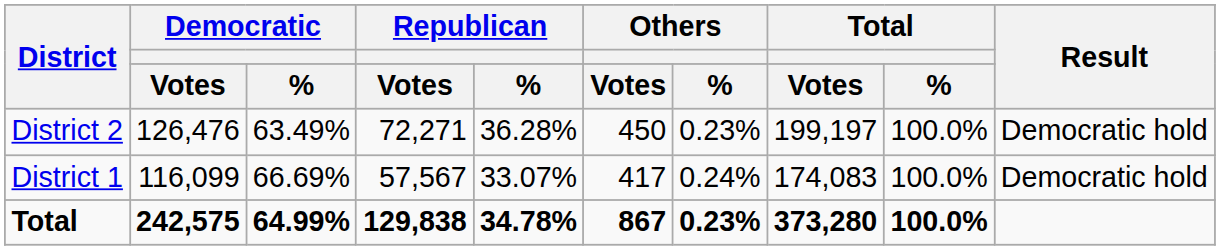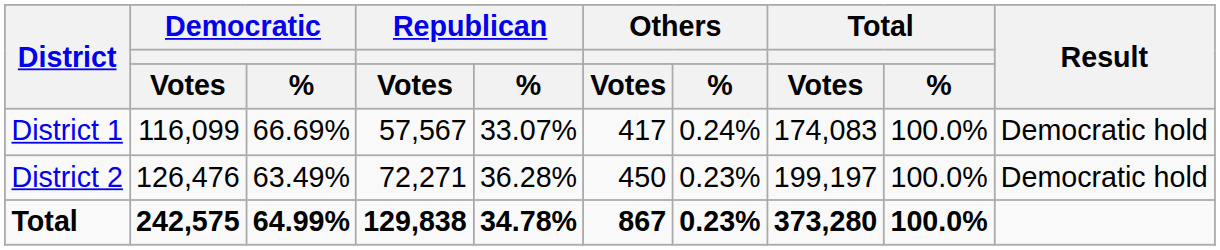 <table class="wikitable plainrowheaders sortable" style="font-size:100%; text-align:right;">
 <tr>
 <th scope=col rowspan=3><a href='#'>District</a></th>
 <th scope=col colspan=2><a href='#'>Democratic</a></th>
 <th scope=col colspan=2><a href='#'>Republican</a></th>
 <th scope=col colspan=2>Others</th>
 <th scope=col colspan=2>Total</th>
 <th scope=col rowspan=3>Result</th>
 </tr>
 <tr>
 <th scope=col colspan=2 style="background:"></th>
 <th scope=col colspan=2 style="background:"></th>
 <th scope=col colspan=2></th>
 <th scope=col colspan=2></th>
 </tr>
 <tr>
 <th scope=col data-sort-type="number">Votes</th>
 <th scope=col data-sort-type="number">%</th>
 <th scope=col data-sort-type="number">Votes</th>
 <th scope=col data-sort-type="number">%</th>
 <th scope=col data-sort-type="number">Votes</th>
 <th scope=col data-sort-type="number">%</th>
 <th scope=col data-sort-type="number">Votes</th>
 <th scope=col data-sort-type="number">%</th>
 </tr>
 <tr>
+<td align=left><a href='#'>District 1</a></td>
+<td>116,099</td>
+<td>66.69%</td>
+<td>57,567</td>
+<td>33.07%</td>
+<td>417</td>
+<td>0.24%</td>
+<td>174,083</td>
+<td>100.0%</td>
+<td align=left>Democratic hold</td>
+</tr>
+<tr>
 <td align=left><a href='#'>District 2</a></td>
 <td>126,476</td>
 <td>63.49%</td>
 <td>72,271</td>
 <td>36.28%</td>
 <td>450</td>
 <td>0.23%</td>
 <td>199,197</td>
-<td>100.0%</td>
-<td align=left>Democratic hold</td>
-</tr>
-<tr>
-<td align=left><a href='#'>District 1</a></td>
-<td>116,099</td>
-<td>66.69%</td>
-<td>57,567</td>
-<td>33.07%</td>
-<td>417</td>
-<td>0.24%</td>
-<td>174,083</td>
 <td>100.0%</td>
 <td align=left>Democratic hold</td>
 </tr>
 <tr class="sortbottom" style="font-weight:bold">
 <td align=left>Total</td>
 <td>242,575</td>
 <td>64.99%</td>
 <td>129,838</td>
 <td>34.78%</td>
 <td>867</td>
 <td>0.23%</td>
 <td>373,280</td>
 <td>100.0%</td>
 <td></td>
 </tr>
 </table>
